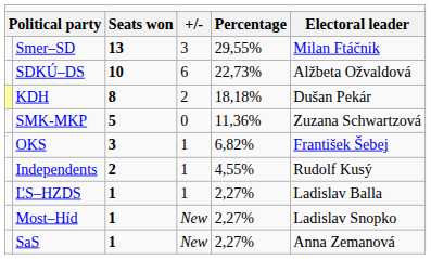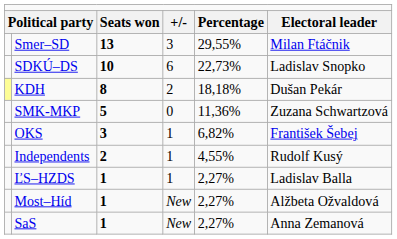 <table class="wikitable" style="text-align: left;">
 <tr>
 <td colspan="6"></td>
 </tr>
 <tr>
 <th colspan="2">Political party</th>
 <th>Seats won</th>
 <th>+/-</th>
 <th>Percentage</th>
 <th>Electoral leader</th>
 </tr>
 <tr>
 <td style="background:"></td>
 <td><a href='#'>Smer–SD</a></td>
 <td><strong>13</strong></td>
 <td> 3</td>
 <td>29,55%</td>
 <td><a href='#'>Milan Ftáčnik</a></td>
 </tr>
 <tr>
 <td style="background:"></td>
 <td><a href='#'>SDKÚ–DS</a></td>
 <td><strong>10</strong></td>
 <td> 6</td>
 <td>22,73%</td>
-<td>Alžbeta Ožvaldová</td>
+<td>Ladislav Snopko</td>
 </tr>
 <tr>
 <td style="background:#fdfd96"></td>
 <td><a href='#'>KDH</a></td>
 <td><strong>8</strong></td>
 <td> 2</td>
 <td>18,18%</td>
 <td>Dušan Pekár</td>
 </tr>
 <tr>
 <td style="background:"></td>
 <td><a href='#'>SMK-MKP</a></td>
 <td><strong>5</strong></td>
 <td> 0</td>
 <td>11,36%</td>
 <td>Zuzana Schwartzová</td>
 </tr>
 <tr>
 <td style="background:"></td>
 <td><a href='#'>OKS</a></td>
 <td><strong>3</strong></td>
 <td> 1</td>
 <td>6,82%</td>
 <td><a href='#'>František Šebej</a></td>
 </tr>
 <tr>
 <td style="background:"></td>
 <td><a href='#'>Independents</a></td>
 <td><strong>2</strong></td>
 <td> 1</td>
 <td>4,55%</td>
 <td>Rudolf Kusý</td>
 </tr>
 <tr>
 <td style="background:"></td>
 <td><a href='#'>ĽS–HZDS</a></td>
 <td><strong>1</strong></td>
 <td> 1</td>
 <td>2,27%</td>
 <td>Ladislav Balla</td>
 </tr>
 <tr>
 <td style="background:"></td>
 <td><a href='#'>Most–Híd</a></td>
 <td><strong>1</strong></td>
 <td><em>New</em></td>
 <td>2,27%</td>
-<td>Ladislav Snopko</td>
+<td>Alžbeta Ožvaldová</td>
 </tr>
 <tr>
 <td style="background:"></td>
 <td><a href='#'>SaS</a></td>
 <td><strong>1</strong></td>
 <td><em>New</em></td>
 <td>2,27%</td>
 <td>Anna Zemanová</td>
 </tr>
 </table>
